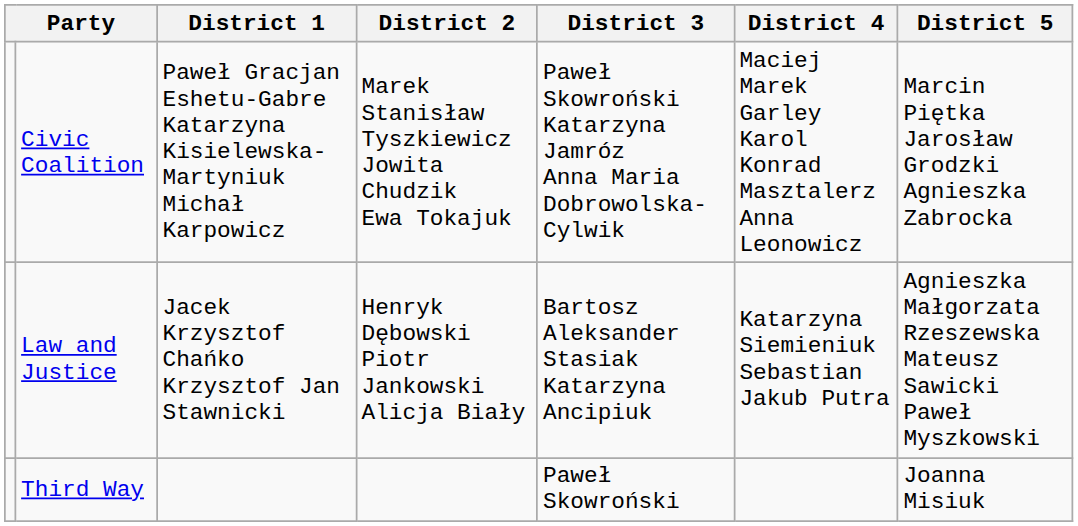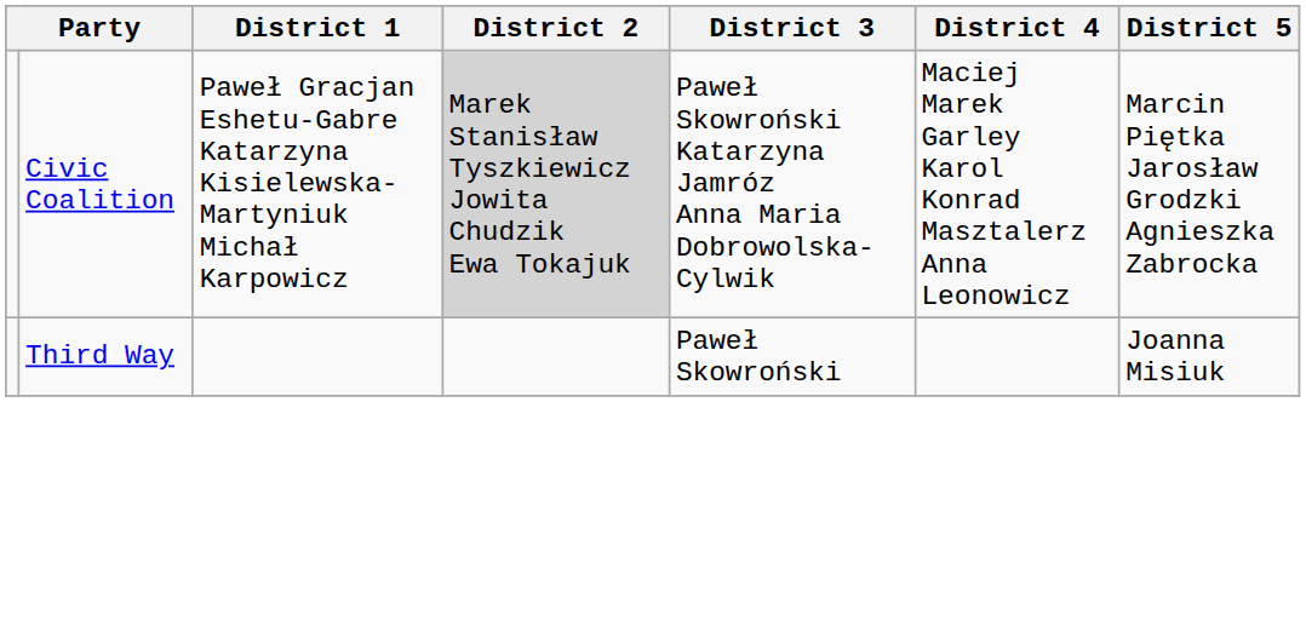 <table class="wikitable">
 <tr>
 <th colspan=2>Party</th>
 <th>District 1</th>
 <th>District 2</th>
 <th>District 3</th>
 <th>District 4</th>
 <th>District 5</th>
 </tr>
 <tr>
 <td style="background:"></td>
 <td><a href='#'>Civic Coalition</a></td>
 <td>Paweł Gracjan Eshetu-Gabre <br> Katarzyna Kisielewska-Martyniuk <br> Michał Karpowicz</td>
-<td>Marek Stanisław Tyszkiewicz <br> Jowita Chudzik <br> Ewa Tokajuk</td>
+<td style="background: lightgrey;">Marek Stanisław Tyszkiewicz <br> Jowita Chudzik <br> Ewa Tokajuk</td>
 <td>Paweł Skowroński <br> Katarzyna Jamróz <br> Anna Maria Dobrowolska-Cylwik</td>
 <td>Maciej Marek Garley <br> Karol Konrad Masztalerz <br> Anna Leonowicz</td>
 <td>Marcin Piętka <br> Jarosław Grodzki <br> Agnieszka Zabrocka</td>
-</tr>
-<tr>
-<td style="background:"></td>
-<td><a href='#'>Law and Justice</a></td>
-<td>Jacek Krzysztof Chańko <br> Krzysztof Jan Stawnicki <br></td>
-<td>Henryk Dębowski <br> Piotr Jankowski <br> Alicja Biały</td>
-<td>Bartosz Aleksander Stasiak <br> Katarzyna Ancipiuk <br></td>
-<td>Katarzyna Siemieniuk <br> Sebastian Jakub Putra <br></td>
-<td>Agnieszka Małgorzata Rzeszewska <br> Mateusz Sawicki <br> Paweł Myszkowski</td>
 </tr>
 <tr>
 <td style="background:"></td>
 <td><a href='#'>Third Way</a></td>
 <td></td>
 <td></td>
 <td>Paweł Skowroński</td>
 <td></td>
 <td>Joanna Misiuk</td>
 </tr>
 </table>
